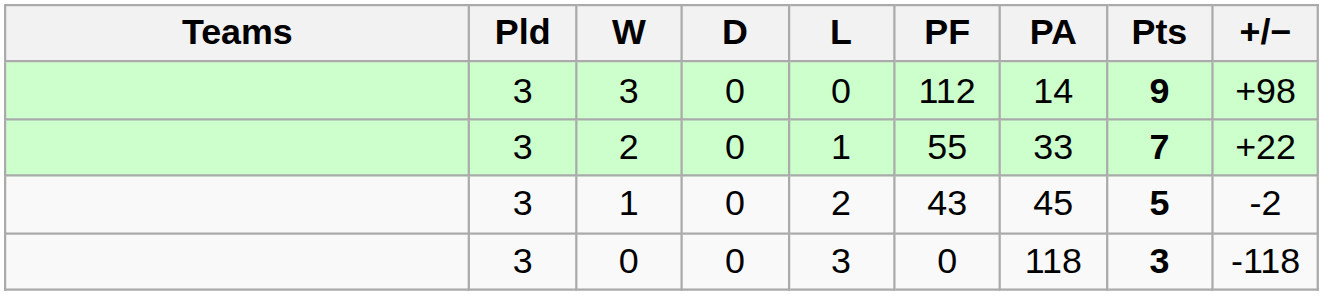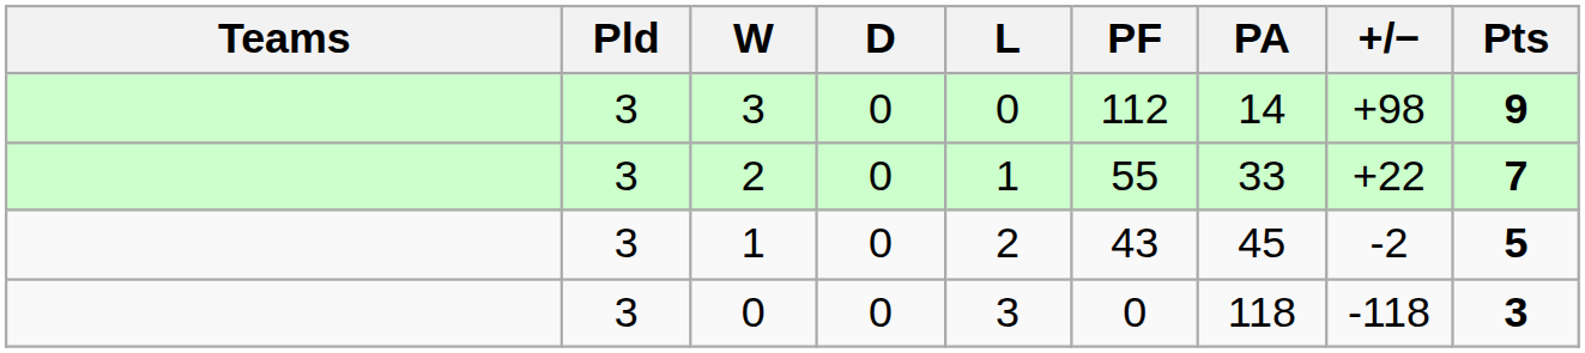 <table class="wikitable" style="text-align: center;">
 <tr>
 <th width="200">Teams</th>
 <th width="40">Pld</th>
 <th width="40">W</th>
 <th width="40">D</th>
 <th width="40">L</th>
 <th width="40">PF</th>
 <th width="40">PA</th>
+<th width="40">+/−</th>
 <th width="40">Pts</th>
-<th width="40">+/−</th>
 </tr>
 <tr bgcolor=#ccffcc>
 <td align=left></td>
 <td>3</td>
 <td>3</td>
 <td>0</td>
 <td>0</td>
 <td>112</td>
 <td>14</td>
+<td>+98</td>
 <td><strong>9</strong></td>
-<td>+98</td>
 </tr>
 <tr bgcolor=#ccffcc>
 <td align=left></td>
 <td>3</td>
 <td>2</td>
 <td>0</td>
 <td>1</td>
 <td>55</td>
 <td>33</td>
+<td>+22</td>
 <td><strong>7</strong></td>
-<td>+22</td>
 </tr>
 <tr>
 <td align=left></td>
 <td>3</td>
 <td>1</td>
 <td>0</td>
 <td>2</td>
 <td>43</td>
 <td>45</td>
+<td>-2</td>
 <td><strong>5</strong></td>
-<td>-2</td>
 </tr>
 <tr>
 <td align=left></td>
 <td>3</td>
 <td>0</td>
 <td>0</td>
 <td>3</td>
 <td>0</td>
 <td>118</td>
+<td>-118</td>
 <td><strong>3</strong></td>
-<td>-118</td>
 </tr>
 </table>
